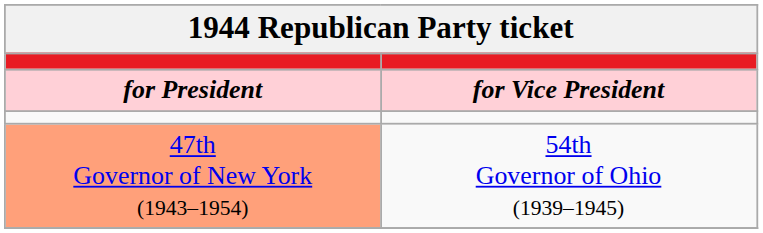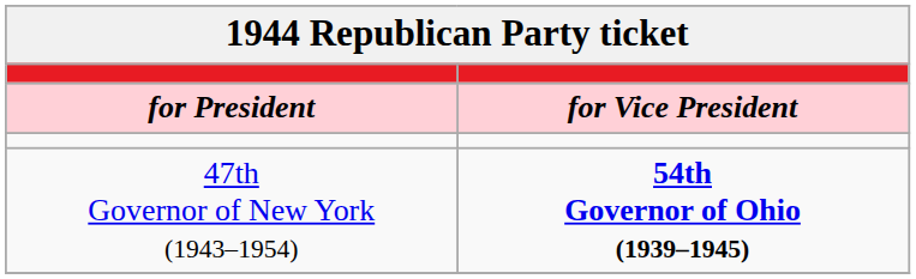 <table class="wikitable" style="font-size:90%; text-align:center;">
 <tr>
 <td style="background:#f1f1f1;" colspan="30"><big><strong>1944 Republican Party ticket</strong></big></td>
 </tr>
 <tr>
 <th style="width:3em; font-size:135%; background:#E81B23; width:200px;"><a href='#'></a></th>
 <th style="width:3em; font-size:135%; background:#E81B23; width:200px;"><a href='#'></a></th>
 </tr>
 <tr style="color:#000; font-size:100%; background:#FFD0D7;">
 <td style="width:3em; width:200px;"><strong><em>for President</em></strong></td>
 <td style="width:3em; width:200px;"><strong><em>for Vice President</em></strong></td>
 </tr>
 <tr>
 <td></td>
 <td></td>
 </tr>
 <tr>
-<td style="background: lightsalmon;"><a href='#'>47th</a><br><a href='#'>Governor of New York</a><br><small>(1943–1954)</small></td>
-<td><a href='#'>54th</a><br><a href='#'>Governor of Ohio</a><br><small>(1939–1945)</small></td>
+<td><a href='#'>47th</a><br><a href='#'>Governor of New York</a><br><small>(1943–1954)</small></td>
+<td><strong><a href='#'>54th</a><br><a href='#'>Governor of Ohio</a><br><small>(1939–1945)</small></strong></td>
 </tr>
 <tr>
 </tr>
 </table>
